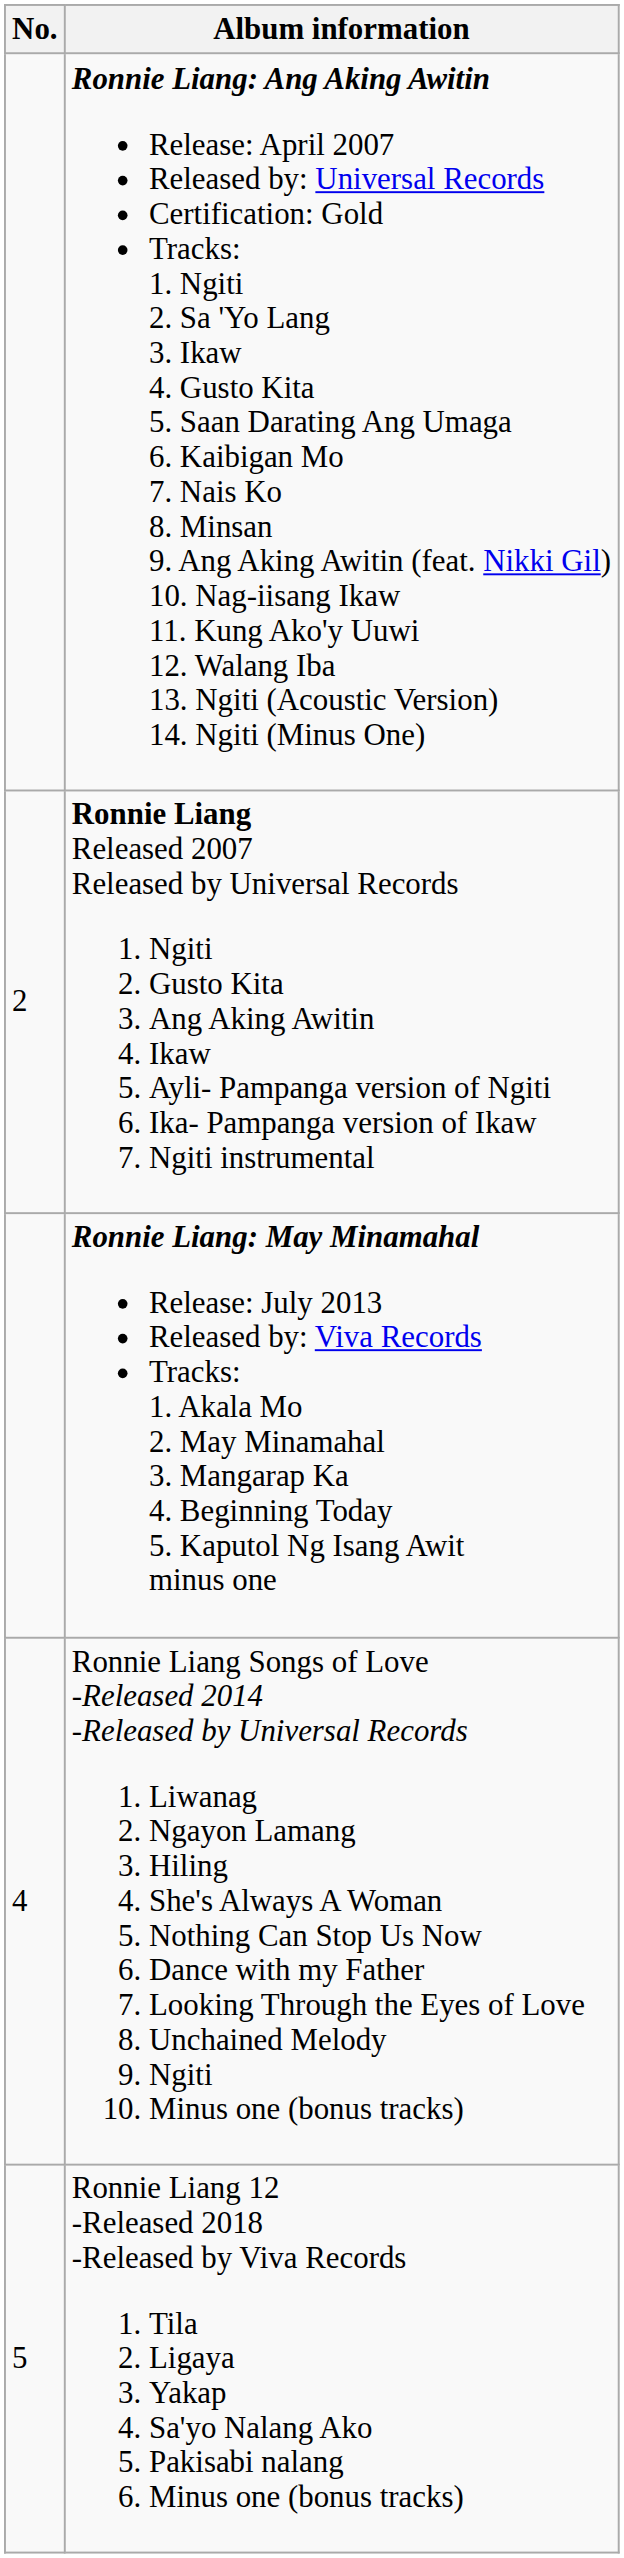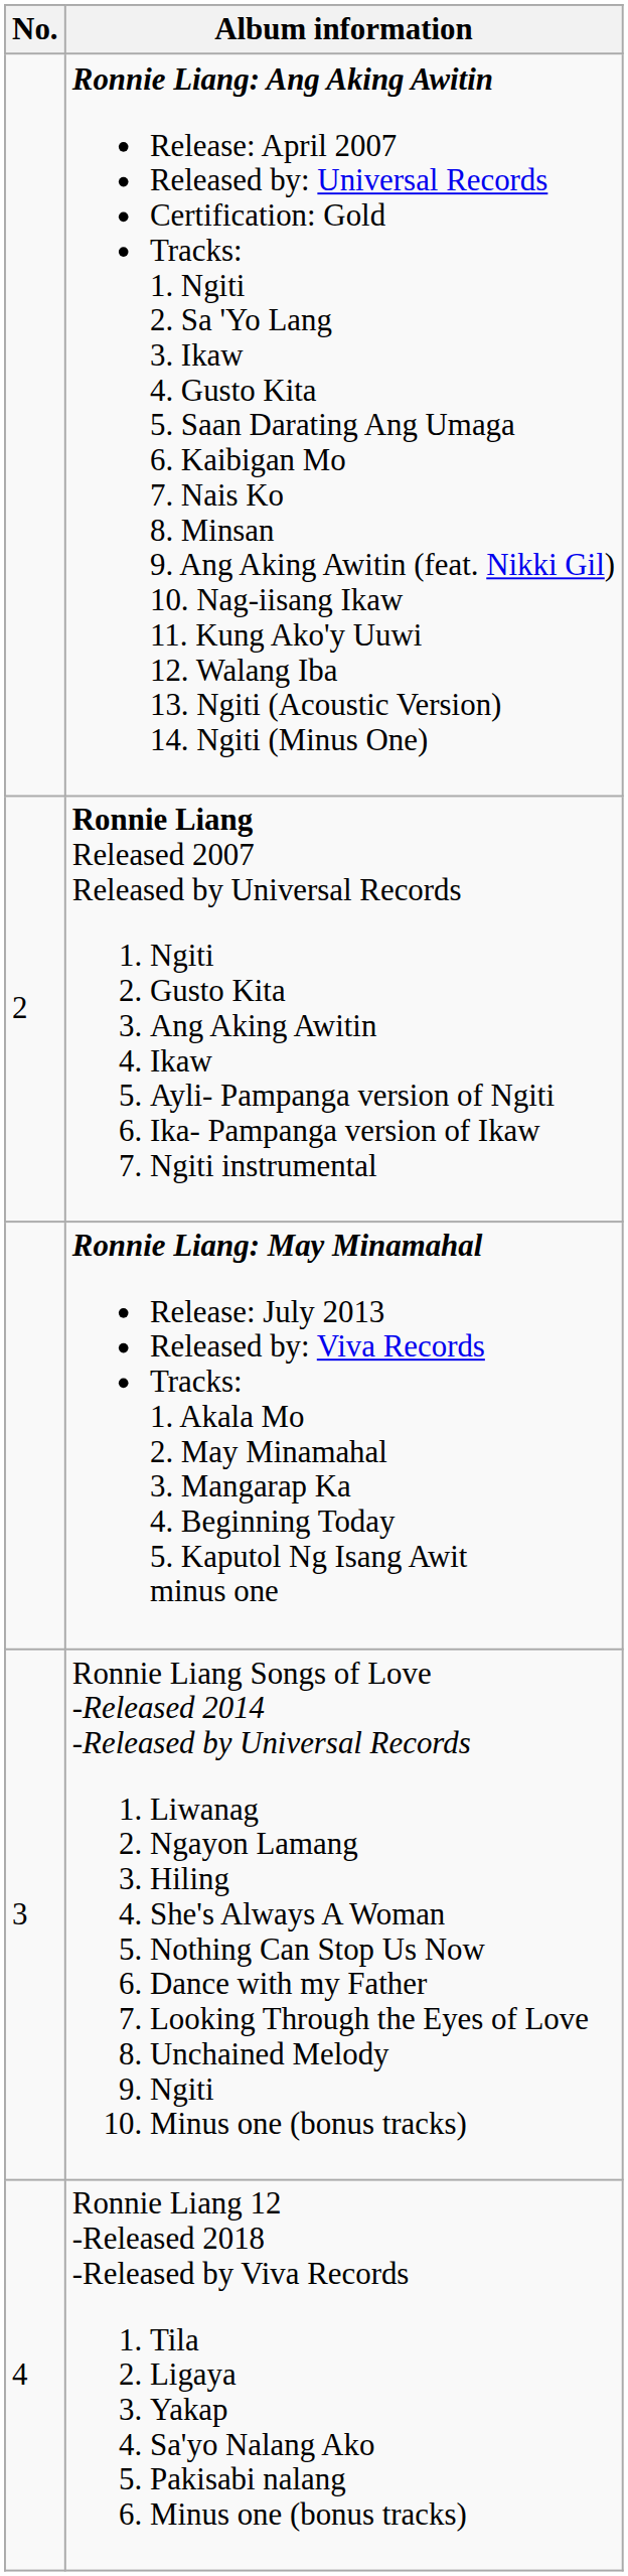 <table class="wikitable">
 <tr>
 <th>No.</th>
 <th>Album information</th>
 </tr>
 <tr bgcolor=>
 <td></td>
 <td><strong><em>Ronnie Liang: Ang Aking Awitin</em></strong><br><ul><li>Release: April 2007</li><li>Released by: <a href='#'>Universal Records</a></li><li>Certification: Gold</li><li>Tracks: <br>1. Ngiti <br>  2. Sa 'Yo Lang <br> 3. Ikaw <br> 4. Gusto Kita <br> 5. Saan Darating Ang Umaga <br> 6. Kaibigan Mo <br> 7. Nais Ko <br> 8. Minsan <br> 9. Ang Aking Awitin (feat. <a href='#'>Nikki Gil</a>) <br> 10. Nag-iisang Ikaw <br> 11. Kung Ako'y Uuwi <br> 12. Walang Iba <br> 13. Ngiti (Acoustic Version) <br> 14. Ngiti (Minus One)</li></ul></td>
 </tr>
 <tr>
 <td>2</td>
 <td><strong>Ronnie Liang</strong><br>Released 2007<br>Released by Universal Records<ol><li>Ngiti</li><li>Gusto Kita</li><li>Ang Aking Awitin</li><li>Ikaw</li><li>Ayli- Pampanga version of Ngiti</li><li>Ika- Pampanga version of Ikaw</li><li>Ngiti instrumental</li></ol></td>
 </tr>
 <tr>
 <td></td>
 <td><strong><em>Ronnie Liang: May Minamahal</em></strong><br><ul><li>Release: July 2013</li><li>Released by: <a href='#'>Viva Records</a></li><li>Tracks:<br>1. Akala Mo<br>2. May Minamahal<br>3. Mangarap Ka<br>4. Beginning Today<br>5. Kaputol Ng Isang Awit<br>minus one</li></ul></td>
 </tr>
 <tr>
-<td>4</td>
+<td>3</td>
 <td>Ronnie Liang Songs of Love<br>-<em>Released 2014</em><br><em>-Released by Universal Records</em><ol><li>Liwanag</li><li>Ngayon Lamang</li><li>Hiling</li><li>She's Always A Woman</li><li>Nothing Can Stop Us Now</li><li>Dance with my Father</li><li>Looking Through the Eyes of Love</li><li>Unchained Melody</li><li>Ngiti</li><li>Minus one (bonus tracks)</li></ol></td>
 </tr>
 <tr>
-<td>5</td>
+<td>4</td>
 <td>Ronnie Liang 12<br>-Released 2018<br>-Released by Viva Records<ol><li>Tila</li><li>Ligaya</li><li>Yakap</li><li>Sa'yo Nalang Ako</li><li>Pakisabi nalang</li><li>Minus one (bonus tracks)</li></ol></td>
 </tr>
 </table>
